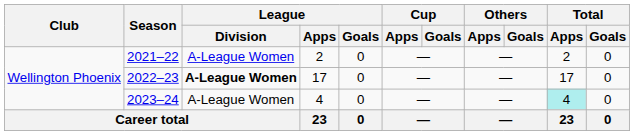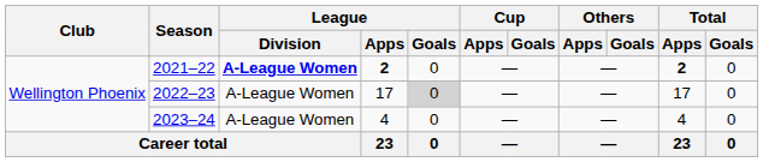 <table class="wikitable" style="text-align: center;">
 <tr>
 <th rowspan=2>Club</th>
 <th rowspan=2>Season</th>
 <th colspan=3>League</th>
 <th colspan=2>Cup</th>
 <th colspan=2>Others</th>
 <th colspan=2>Total</th>
 </tr>
 <tr>
 <th>Division</th>
 <th>Apps</th>
 <th>Goals</th>
 <th>Apps</th>
 <th>Goals</th>
 <th>Apps</th>
 <th>Goals</th>
 <th>Apps</th>
 <th>Goals</th>
 </tr>
 <tr>
 <td rowspan="3"><a href='#'>Wellington Phoenix</a></td>
 <td><a href='#'>2021–22</a></td>
-<td><a href='#'>A-League Women</a></td>
-<td>2</td>
+<td><strong><a href='#'>A-League Women</a></strong></td>
+<td><strong>2</strong></td>
 <td>0</td>
 <td colspan=2>—</td>
 <td colspan=2>—</td>
-<td>2</td>
+<td><strong>2</strong></td>
 <td>0</td>
 </tr>
 <tr>
 <td><a href='#'>2022–23</a></td>
-<td><strong>A-League Women</strong></td>
+<td>A-League Women</td>
 <td>17</td>
-<td>0</td>
+<td style="background: lightgrey;">0</td>
 <td colspan=2>—</td>
 <td colspan=2>—</td>
 <td>17</td>
 <td>0</td>
 </tr>
 <tr>
 <td><a href='#'>2023–24</a></td>
 <td>A-League Women</td>
 <td>4</td>
 <td>0</td>
 <td colspan=2>—</td>
 <td colspan=2>—</td>
-<td style="background: paleturquoise;">4</td>
+<td>4</td>
 <td>0</td>
 </tr>
 <tr>
 <th colspan=3>Career total</th>
 <th>23</th>
 <th>0</th>
 <th colspan=2>—</th>
 <th colspan=2>—</th>
 <th>23</th>
 <th>0</th>
 </tr>
 </table>
